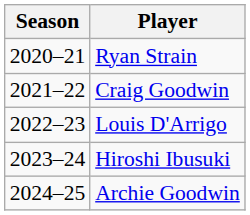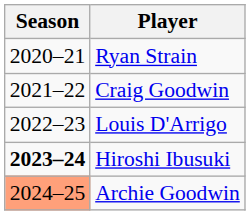 <table class="wikitable">
 <tr>
 <th>Season</th>
 <th>Player</th>
 </tr>
 <tr>
 <td>2020–21</td>
 <td> <a href='#'>Ryan Strain</a></td>
 </tr>
 <tr>
 <td>2021–22</td>
 <td> <a href='#'>Craig Goodwin</a></td>
 </tr>
 <tr>
 <td>2022–23</td>
 <td> <a href='#'>Louis D'Arrigo</a></td>
 </tr>
 <tr>
-<td>2023–24</td>
+<td><strong>2023–24</strong></td>
 <td> <a href='#'>Hiroshi Ibusuki</a></td>
 </tr>
 <tr>
-<td>2024–25</td>
+<td style="background: lightsalmon;">2024–25</td>
 <td> <a href='#'>Archie Goodwin</a></td>
 </tr>
 </table>
